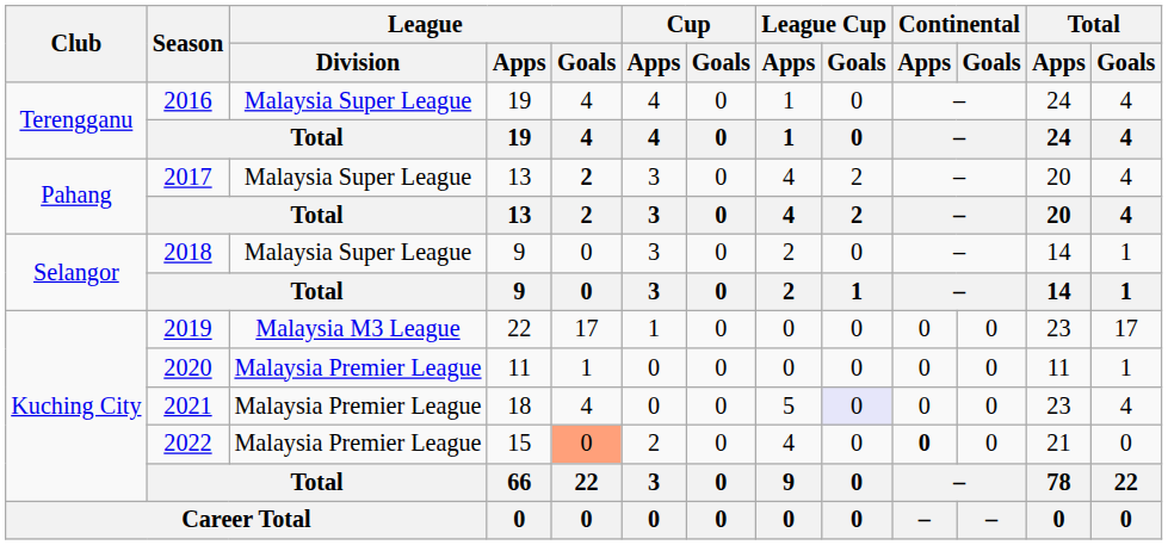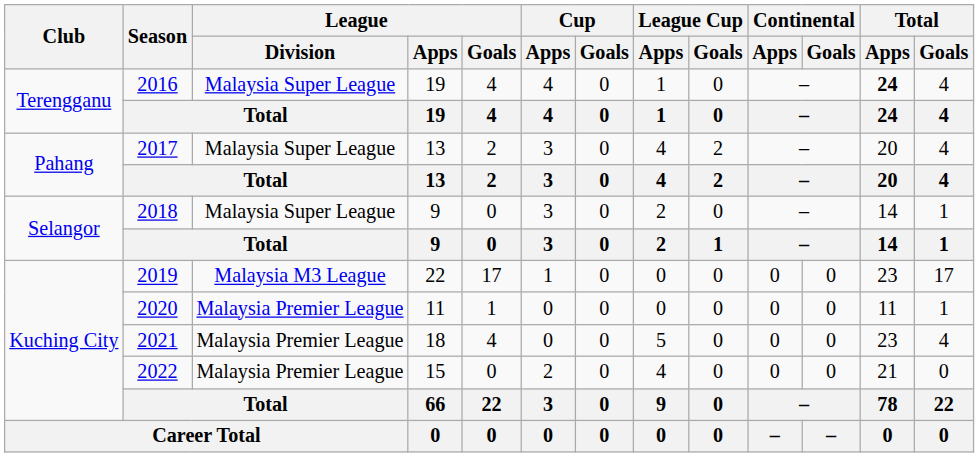 <table class=wikitable style="text-align:center">
 <tr>
 <th rowspan=2>Club</th>
 <th rowspan=2>Season</th>
 <th colspan=3>League</th>
 <th colspan=2>Cup</th>
 <th colspan=2>League Cup</th>
 <th colspan=2>Continental</th>
 <th colspan=2>Total</th>
 </tr>
 <tr>
 <th>Division</th>
 <th>Apps</th>
 <th>Goals</th>
 <th>Apps</th>
 <th>Goals</th>
 <th>Apps</th>
 <th>Goals</th>
 <th>Apps</th>
 <th>Goals</th>
 <th>Apps</th>
 <th>Goals</th>
 </tr>
 <tr>
 <td rowspan="2"><a href='#'>Terengganu</a></td>
 <td><a href='#'>2016</a></td>
 <td><a href='#'>Malaysia Super League</a></td>
 <td>19</td>
 <td>4</td>
 <td>4</td>
 <td>0</td>
 <td>1</td>
 <td>0</td>
 <td colspan=2>–</td>
-<td>24</td>
+<td><strong>24</strong></td>
 <td>4</td>
 </tr>
 <tr>
 <th colspan="2">Total</th>
 <th>19</th>
 <th>4</th>
 <th>4</th>
 <th>0</th>
 <th>1</th>
 <th>0</th>
 <th colspan=2>–</th>
 <th>24</th>
 <th>4</th>
 </tr>
 <tr>
 <td rowspan="2"><a href='#'>Pahang</a></td>
 <td><a href='#'>2017</a></td>
 <td>Malaysia Super League</td>
 <td>13</td>
-<td><strong>2</strong></td>
+<td>2</td>
 <td>3</td>
 <td>0</td>
 <td>4</td>
 <td>2</td>
 <td colspan=2>–</td>
 <td>20</td>
 <td>4</td>
 </tr>
 <tr>
 <th colspan="2">Total</th>
 <th>13</th>
 <th>2</th>
 <th>3</th>
 <th>0</th>
 <th>4</th>
 <th>2</th>
 <th colspan=2>–</th>
 <th>20</th>
 <th>4</th>
 </tr>
 <tr>
 <td rowspan="2"><a href='#'>Selangor</a></td>
 <td><a href='#'>2018</a></td>
 <td>Malaysia Super League</td>
 <td>9</td>
 <td>0</td>
 <td>3</td>
 <td>0</td>
 <td>2</td>
 <td>0</td>
 <td colspan=2>–</td>
 <td>14</td>
 <td>1</td>
 </tr>
 <tr>
 <th colspan="2">Total</th>
 <th>9</th>
 <th>0</th>
 <th>3</th>
 <th>0</th>
 <th>2</th>
 <th>1</th>
 <th colspan=2>–</th>
 <th>14</th>
 <th>1</th>
 </tr>
 <tr>
 <td rowspan="5"><a href='#'>Kuching City</a></td>
 <td><a href='#'>2019</a></td>
 <td><a href='#'>Malaysia M3 League</a></td>
 <td>22</td>
 <td>17</td>
 <td>1</td>
 <td>0</td>
 <td>0</td>
 <td>0</td>
 <td>0</td>
 <td>0</td>
 <td>23</td>
 <td>17</td>
 </tr>
 <tr>
 <td><a href='#'>2020</a></td>
 <td><a href='#'>Malaysia Premier League</a></td>
 <td>11</td>
 <td>1</td>
 <td>0</td>
 <td>0</td>
 <td>0</td>
 <td>0</td>
 <td>0</td>
 <td>0</td>
 <td>11</td>
 <td>1</td>
 </tr>
 <tr>
 <td><a href='#'>2021</a></td>
 <td>Malaysia Premier League</td>
 <td>18</td>
 <td>4</td>
 <td>0</td>
 <td>0</td>
 <td>5</td>
-<td style="background: lavender;">0</td>
+<td>0</td>
 <td>0</td>
 <td>0</td>
 <td>23</td>
 <td>4</td>
 </tr>
 <tr>
 <td><a href='#'>2022</a></td>
 <td>Malaysia Premier League</td>
 <td>15</td>
-<td style="background: lightsalmon;">0</td>
+<td>0</td>
 <td>2</td>
 <td>0</td>
 <td>4</td>
 <td>0</td>
-<td><strong>0</strong></td>
+<td>0</td>
 <td>0</td>
 <td>21</td>
 <td>0</td>
 </tr>
 <tr>
 <th colspan="2">Total</th>
 <th>66</th>
 <th>22</th>
 <th>3</th>
 <th>0</th>
 <th>9</th>
 <th>0</th>
 <th colspan=2>–</th>
 <th>78</th>
 <th>22</th>
 </tr>
 <tr>
 <th colspan="3">Career Total</th>
 <th>0</th>
 <th>0</th>
 <th>0</th>
 <th>0</th>
 <th>0</th>
 <th>0</th>
 <th>–</th>
 <th>–</th>
 <th>0</th>
 <th>0</th>
 </tr>
 </table>
